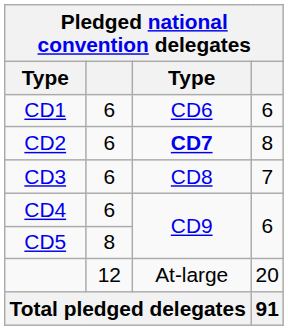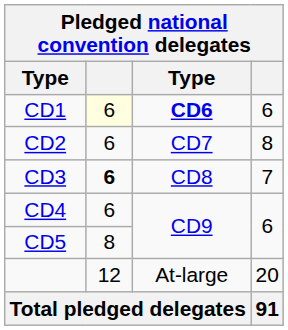 <table class="wikitable sortable" style="font-size:90%;text-align:center;float:none;padding:5px;">
 <tr>
 <th colspan="4">Pledged <a href='#'>national<br>convention</a> delegates</th>
 </tr>
 <tr>
 <th>Type</th>
 <th></th>
 <th>Type</th>
 <th></th>
 </tr>
 <tr>
 <td><a href='#'>CD1</a></td>
-<td>6</td>
-<td><a href='#'>CD6</a></td>
+<td style="background: lightyellow;">6</td>
+<td><strong><a href='#'>CD6</a></strong></td>
 <td>6</td>
 </tr>
 <tr>
 <td><a href='#'>CD2</a></td>
 <td>6</td>
-<td><strong><a href='#'>CD7</a></strong></td>
+<td><a href='#'>CD7</a></td>
 <td>8</td>
 </tr>
 <tr>
 <td><a href='#'>CD3</a></td>
-<td>6</td>
+<td><strong>6</strong></td>
 <td><a href='#'>CD8</a></td>
 <td>7</td>
 </tr>
 <tr>
 <td><a href='#'>CD4</a></td>
 <td>6</td>
 <td rowspan="2"><a href='#'>CD9</a></td>
 <td rowspan="2">6</td>
 </tr>
 <tr>
 <td><a href='#'>CD5</a></td>
 <td>8</td>
 </tr>
 <tr>
 <td></td>
 <td>12</td>
 <td>At-large</td>
 <td>20</td>
 </tr>
 <tr>
 <th colspan="3">Total pledged delegates</th>
 <th>91</th>
 </tr>
 </table>
